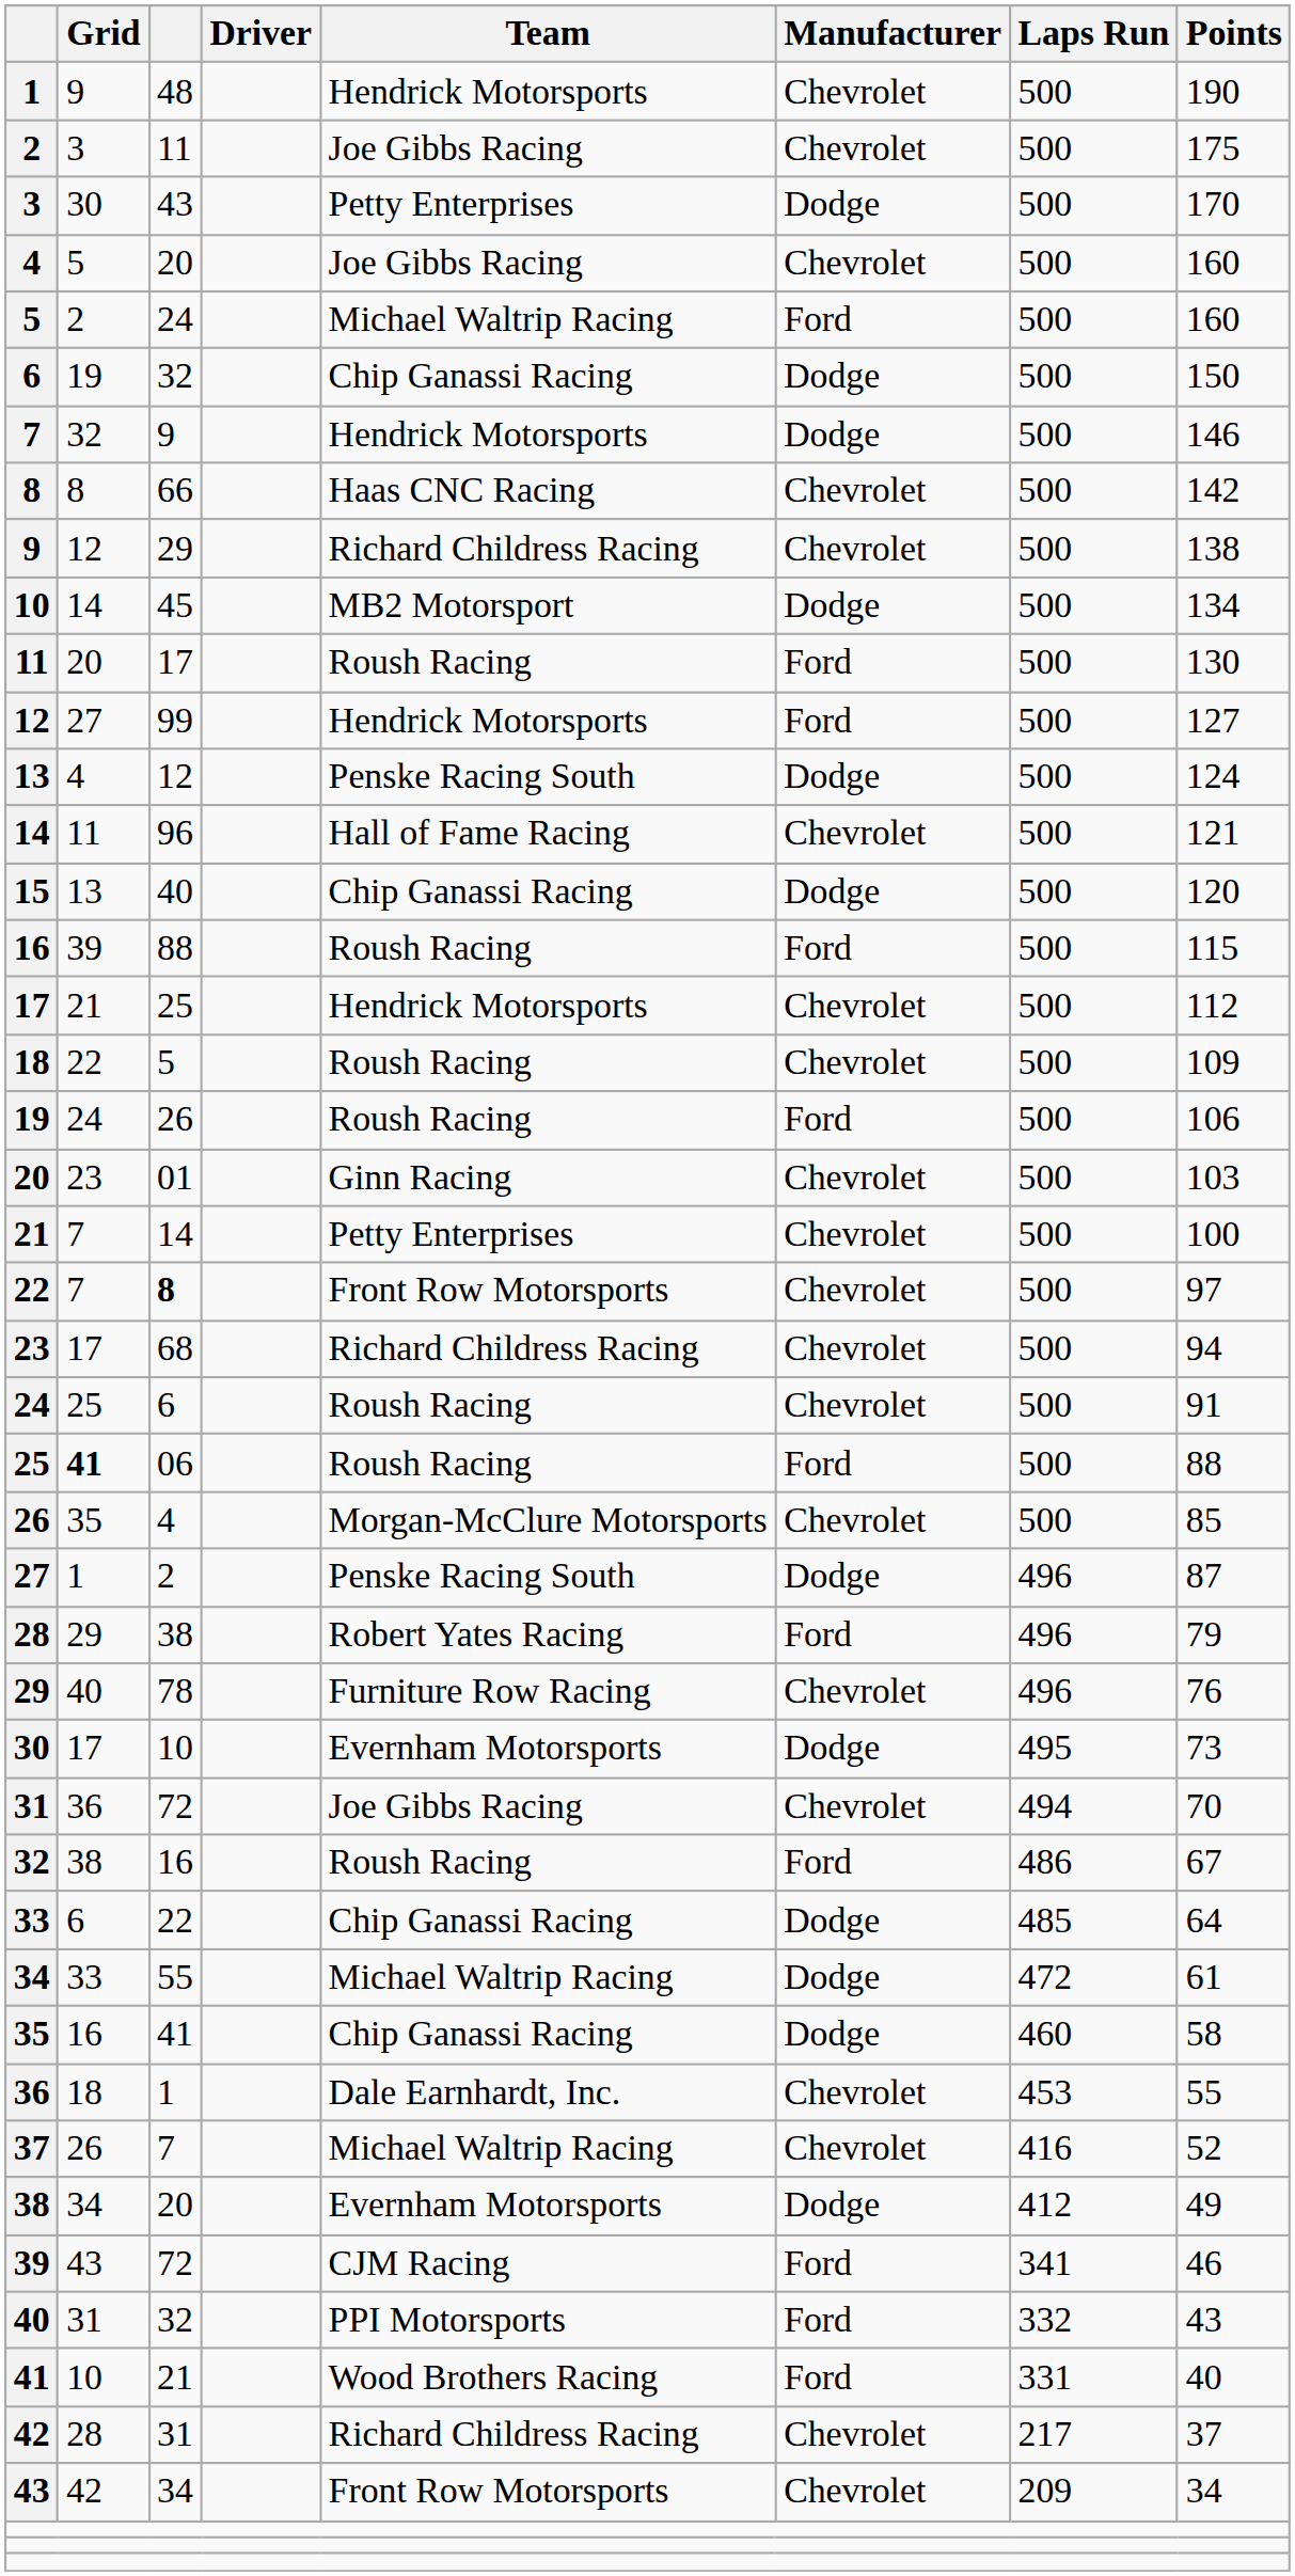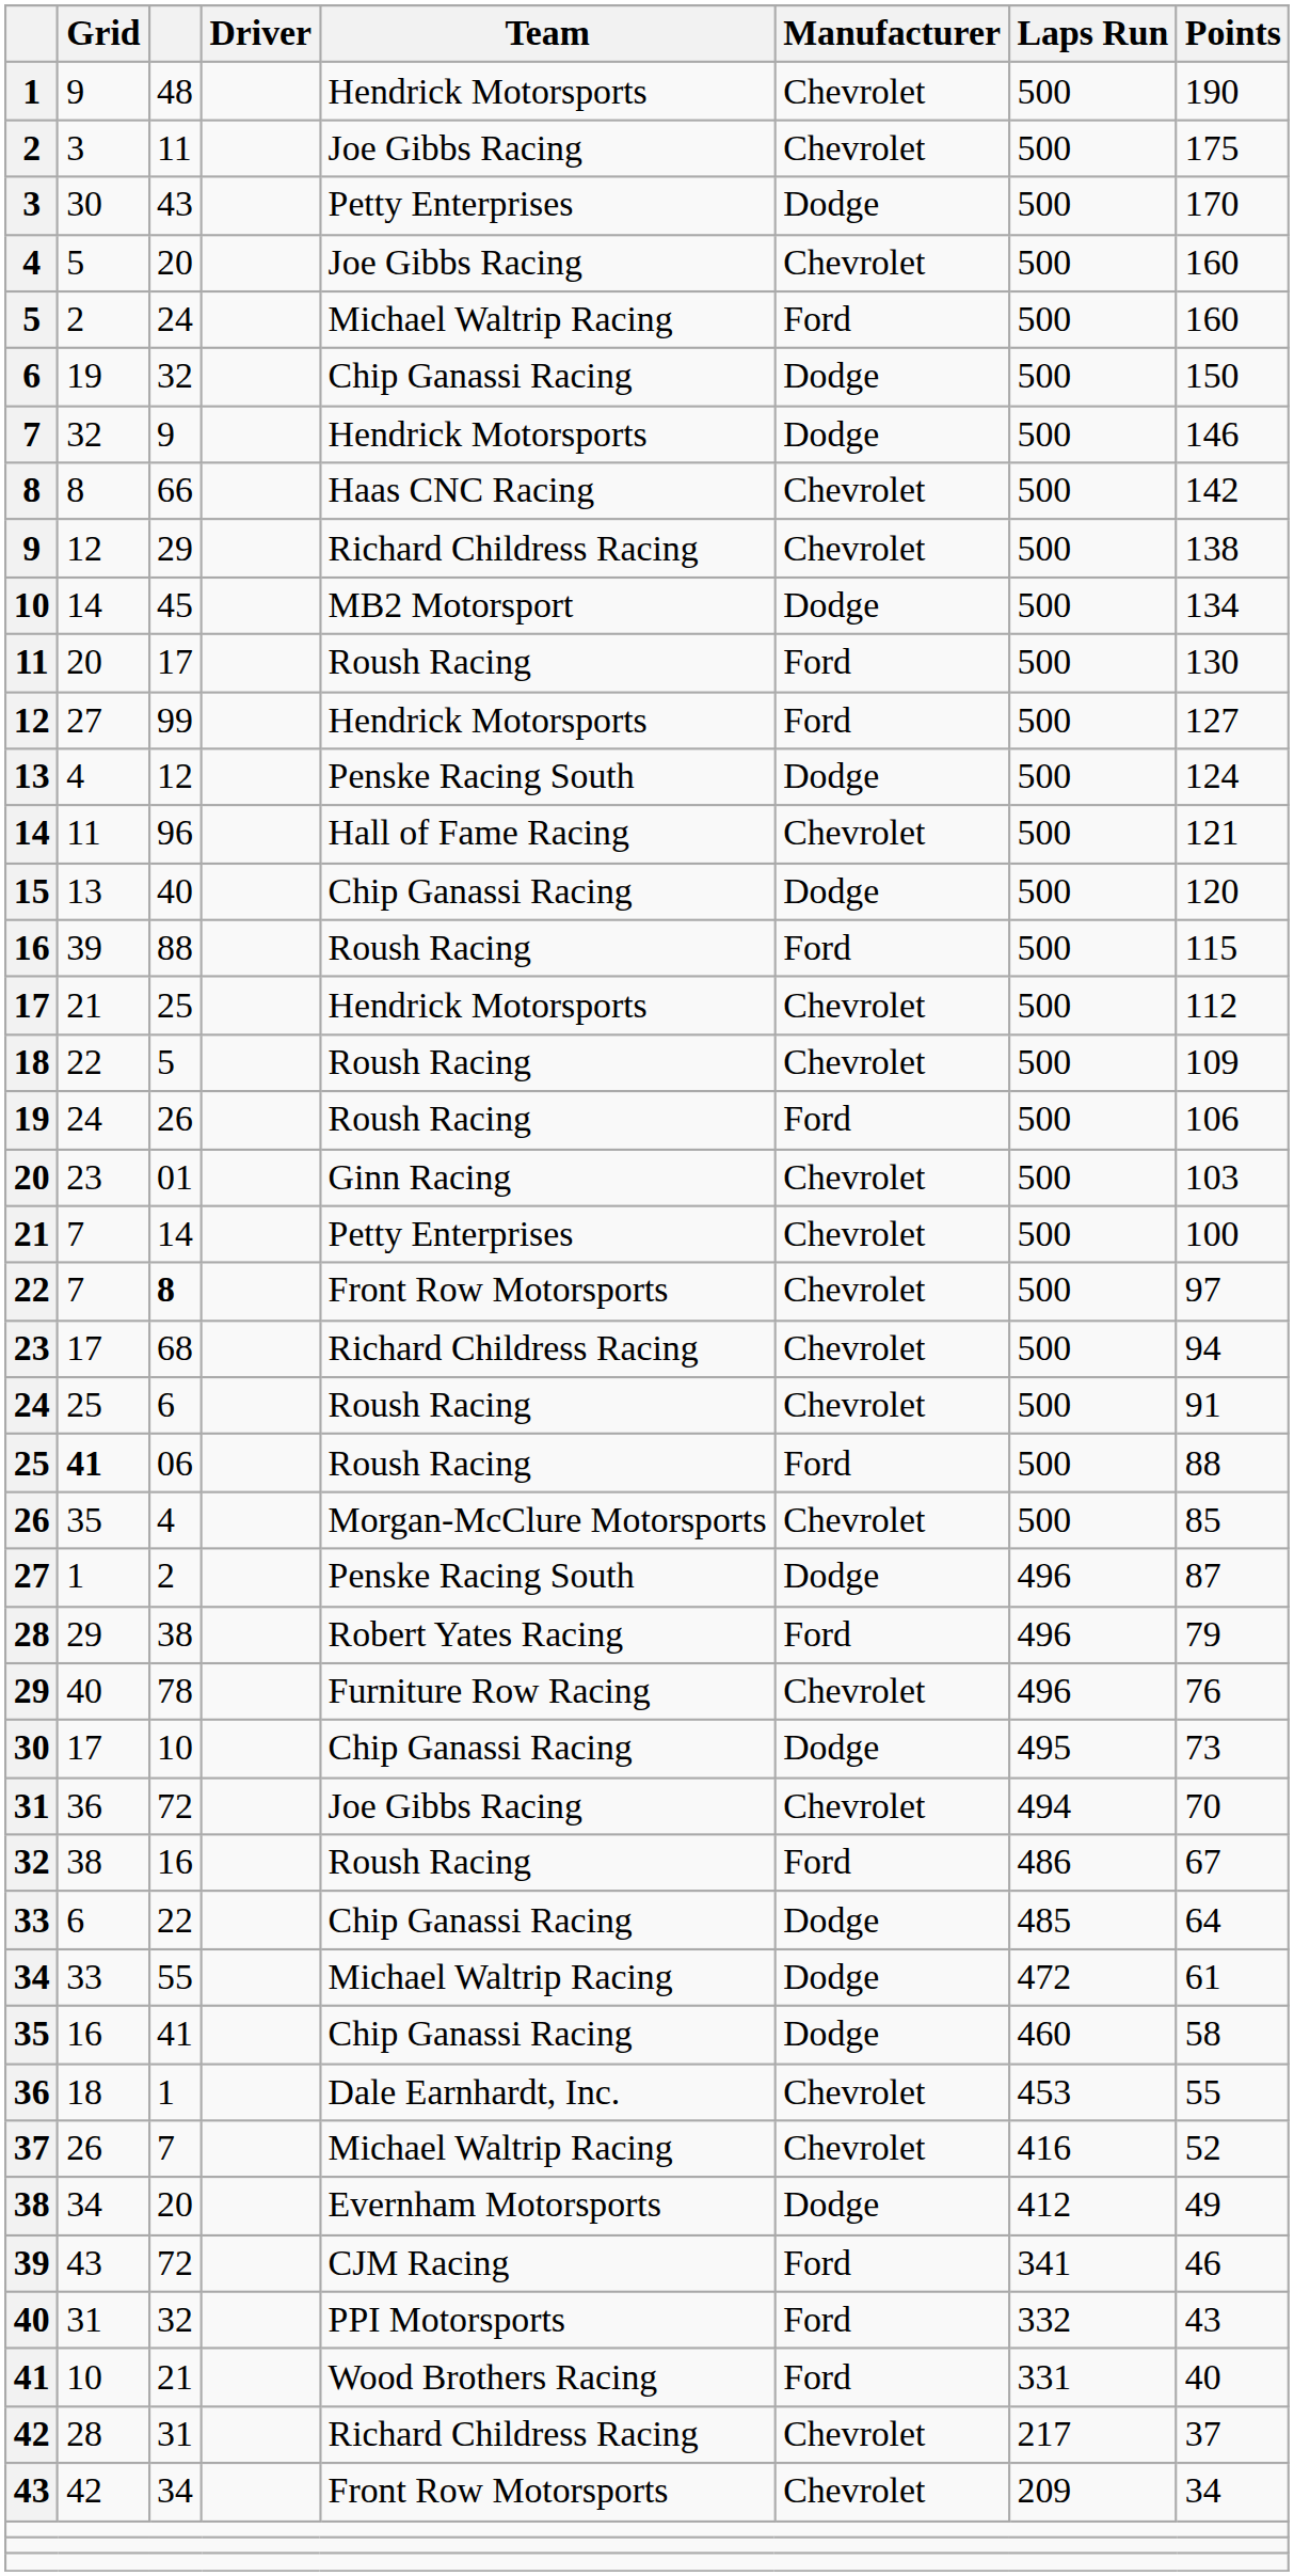 <table class="wikitable sortable">
 <tr>
 </tr>
 <tr>
 <th scope="col"></th>
 <th scope="col">Grid</th>
 <th scope="col"></th>
 <th scope="col">Driver</th>
 <th scope="col">Team</th>
 <th scope="col">Manufacturer</th>
 <th scope="col">Laps Run</th>
 <th scope="col">Points</th>
 </tr>
 <tr>
 <th scope="row">1</th>
 <td>9</td>
 <td>48</td>
 <td></td>
 <td>Hendrick Motorsports</td>
 <td>Chevrolet</td>
 <td>500</td>
 <td>190</td>
 </tr>
 <tr>
 <th scope="row">2</th>
 <td>3</td>
 <td>11</td>
 <td></td>
 <td>Joe Gibbs Racing</td>
 <td>Chevrolet</td>
 <td>500</td>
 <td>175</td>
 </tr>
 <tr>
 <th scope="row">3</th>
 <td>30</td>
 <td>43</td>
 <td></td>
 <td>Petty Enterprises</td>
 <td>Dodge</td>
 <td>500</td>
 <td>170</td>
 </tr>
 <tr>
 <th scope="row">4</th>
 <td>5</td>
 <td>20</td>
 <td></td>
 <td>Joe Gibbs Racing</td>
 <td>Chevrolet</td>
 <td>500</td>
 <td>160</td>
 </tr>
 <tr>
 <th scope="row">5</th>
 <td>2</td>
 <td>24</td>
 <td></td>
 <td>Michael Waltrip Racing</td>
 <td>Ford</td>
 <td>500</td>
 <td>160</td>
 </tr>
 <tr>
 <th scope="row">6</th>
 <td>19</td>
 <td>32</td>
 <td></td>
 <td>Chip Ganassi Racing</td>
 <td>Dodge</td>
 <td>500</td>
 <td>150</td>
 </tr>
 <tr>
 <th scope="row">7</th>
 <td>32</td>
 <td>9</td>
 <td></td>
 <td>Hendrick Motorsports</td>
 <td>Dodge</td>
 <td>500</td>
 <td>146</td>
 </tr>
 <tr>
 <th scope="row">8</th>
 <td>8</td>
 <td>66</td>
 <td></td>
 <td>Haas CNC Racing</td>
 <td>Chevrolet</td>
 <td>500</td>
 <td>142</td>
 </tr>
 <tr>
 <th scope="row">9</th>
 <td>12</td>
 <td>29</td>
 <td></td>
 <td>Richard Childress Racing</td>
 <td>Chevrolet</td>
 <td>500</td>
 <td>138</td>
 </tr>
 <tr>
 <th scope="row">10</th>
 <td>14</td>
 <td>45</td>
 <td></td>
 <td>MB2 Motorsport</td>
 <td>Dodge</td>
 <td>500</td>
 <td>134</td>
 </tr>
 <tr>
 <th scope="row">11</th>
 <td>20</td>
 <td>17</td>
 <td></td>
 <td>Roush Racing</td>
 <td>Ford</td>
 <td>500</td>
 <td>130</td>
 </tr>
 <tr>
 <th scope="row">12</th>
 <td>27</td>
 <td>99</td>
 <td></td>
 <td>Hendrick Motorsports</td>
 <td>Ford</td>
 <td>500</td>
 <td>127</td>
 </tr>
 <tr>
 <th scope="row">13</th>
 <td>4</td>
 <td>12</td>
 <td></td>
 <td>Penske Racing South</td>
 <td>Dodge</td>
 <td>500</td>
 <td>124</td>
 </tr>
 <tr>
 <th scope="row">14</th>
 <td>11</td>
 <td>96</td>
 <td></td>
 <td>Hall of Fame Racing</td>
 <td>Chevrolet</td>
 <td>500</td>
 <td>121</td>
 </tr>
 <tr>
 <th scope="row">15</th>
 <td>13</td>
 <td>40</td>
 <td></td>
 <td>Chip Ganassi Racing</td>
 <td>Dodge</td>
 <td>500</td>
 <td>120</td>
 </tr>
 <tr>
 <th scope="row">16</th>
 <td>39</td>
 <td>88</td>
 <td></td>
 <td>Roush Racing</td>
 <td>Ford</td>
 <td>500</td>
 <td>115</td>
 </tr>
 <tr>
 <th scope="row">17</th>
 <td>21</td>
 <td>25</td>
 <td></td>
 <td>Hendrick Motorsports</td>
 <td>Chevrolet</td>
 <td>500</td>
 <td>112</td>
 </tr>
 <tr>
 <th scope="row">18</th>
 <td>22</td>
 <td>5</td>
 <td></td>
 <td>Roush Racing</td>
 <td>Chevrolet</td>
 <td>500</td>
 <td>109</td>
 </tr>
 <tr>
 <th scope="row">19</th>
 <td>24</td>
 <td>26</td>
 <td></td>
 <td>Roush Racing</td>
 <td>Ford</td>
 <td>500</td>
 <td>106</td>
 </tr>
 <tr>
 <th scope="row">20</th>
 <td>23</td>
 <td>01</td>
 <td></td>
 <td>Ginn Racing</td>
 <td>Chevrolet</td>
 <td>500</td>
 <td>103</td>
 </tr>
 <tr>
 <th scope="row">21</th>
 <td>7</td>
 <td>14</td>
 <td></td>
 <td>Petty Enterprises</td>
 <td>Chevrolet</td>
 <td>500</td>
 <td>100</td>
 </tr>
 <tr>
 <th scope="row">22</th>
 <td>7</td>
 <td><strong>8</strong></td>
 <td></td>
 <td>Front Row Motorsports</td>
 <td>Chevrolet</td>
 <td>500</td>
 <td>97</td>
 </tr>
 <tr>
 <th scope="row">23</th>
 <td>17</td>
 <td>68</td>
 <td></td>
 <td>Richard Childress Racing</td>
 <td>Chevrolet</td>
 <td>500</td>
 <td>94</td>
 </tr>
 <tr>
 <th scope="row">24</th>
 <td>25</td>
 <td>6</td>
 <td></td>
 <td>Roush Racing</td>
 <td>Chevrolet</td>
 <td>500</td>
 <td>91</td>
 </tr>
 <tr>
 <th scope="row">25</th>
 <td><strong>41</strong></td>
 <td>06</td>
 <td></td>
 <td>Roush Racing</td>
 <td>Ford</td>
 <td>500</td>
 <td>88</td>
 </tr>
 <tr>
 <th scope="row">26</th>
 <td>35</td>
 <td>4</td>
 <td></td>
 <td>Morgan-McClure Motorsports</td>
 <td>Chevrolet</td>
 <td>500</td>
 <td>85</td>
 </tr>
 <tr>
 <th scope="row">27</th>
 <td>1</td>
 <td>2</td>
 <td></td>
 <td>Penske Racing South</td>
 <td>Dodge</td>
 <td>496</td>
 <td>87</td>
 </tr>
 <tr>
 <th scope="row">28</th>
 <td>29</td>
 <td>38</td>
 <td></td>
 <td>Robert Yates Racing</td>
 <td>Ford</td>
 <td>496</td>
 <td>79</td>
 </tr>
 <tr>
 <th scope="row">29</th>
 <td>40</td>
 <td>78</td>
 <td></td>
 <td>Furniture Row Racing</td>
 <td>Chevrolet</td>
 <td>496</td>
 <td>76</td>
 </tr>
 <tr>
 <th scope="row">30</th>
 <td>17</td>
 <td>10</td>
 <td></td>
-<td>Evernham Motorsports</td>
+<td>Chip Ganassi Racing</td>
 <td>Dodge</td>
 <td>495</td>
 <td>73</td>
 </tr>
 <tr>
 <th scope="row">31</th>
 <td>36</td>
 <td>72</td>
 <td></td>
 <td>Joe Gibbs Racing</td>
 <td>Chevrolet</td>
 <td>494</td>
 <td>70</td>
 </tr>
 <tr>
 <th scope="row">32</th>
 <td>38</td>
 <td>16</td>
 <td></td>
 <td>Roush Racing</td>
 <td>Ford</td>
 <td>486</td>
 <td>67</td>
 </tr>
 <tr>
 <th scope="row">33</th>
 <td>6</td>
 <td>22</td>
 <td></td>
 <td>Chip Ganassi Racing</td>
 <td>Dodge</td>
 <td>485</td>
 <td>64</td>
 </tr>
 <tr>
 <th scope="row">34</th>
 <td>33</td>
 <td>55</td>
 <td></td>
 <td>Michael Waltrip Racing</td>
 <td>Dodge</td>
 <td>472</td>
 <td>61</td>
 </tr>
 <tr>
 <th scope="row">35</th>
 <td>16</td>
 <td>41</td>
 <td></td>
 <td>Chip Ganassi Racing</td>
 <td>Dodge</td>
 <td>460</td>
 <td>58</td>
 </tr>
 <tr>
 <th scope="row">36</th>
 <td>18</td>
 <td>1</td>
 <td></td>
 <td>Dale Earnhardt, Inc.</td>
 <td>Chevrolet</td>
 <td>453</td>
 <td>55</td>
 </tr>
 <tr>
 <th scope="row">37</th>
 <td>26</td>
 <td>7</td>
 <td></td>
 <td>Michael Waltrip Racing</td>
 <td>Chevrolet</td>
 <td>416</td>
 <td>52</td>
 </tr>
 <tr>
 <th scope="row">38</th>
 <td>34</td>
 <td>20</td>
 <td></td>
 <td>Evernham Motorsports</td>
 <td>Dodge</td>
 <td>412</td>
 <td>49</td>
 </tr>
 <tr>
 <th scope="row">39</th>
 <td>43</td>
 <td>72</td>
 <td></td>
 <td>CJM Racing</td>
 <td>Ford</td>
 <td>341</td>
 <td>46</td>
 </tr>
 <tr>
 <th scope="row">40</th>
 <td>31</td>
 <td>32</td>
 <td></td>
 <td>PPI Motorsports</td>
 <td>Ford</td>
 <td>332</td>
 <td>43</td>
 </tr>
 <tr>
 <th scope="row">41</th>
 <td>10</td>
 <td>21</td>
 <td></td>
 <td>Wood Brothers Racing</td>
 <td>Ford</td>
 <td>331</td>
 <td>40</td>
 </tr>
 <tr>
 <th scope="row">42</th>
 <td>28</td>
 <td>31</td>
 <td></td>
 <td>Richard Childress Racing</td>
 <td>Chevrolet</td>
 <td>217</td>
 <td>37</td>
 </tr>
 <tr>
 <th scope="row">43</th>
 <td>42</td>
 <td>34</td>
 <td></td>
 <td>Front Row Motorsports</td>
 <td>Chevrolet</td>
 <td>209</td>
 <td>34</td>
 </tr>
 <tr class="sortbottom">
 <td colspan="9"></td>
 </tr>
 <tr class="sortbottom">
 <td colspan="9"></td>
 </tr>
 <tr class="sortbottom">
 <td colspan="9"></td>
 </tr>
 </table>
